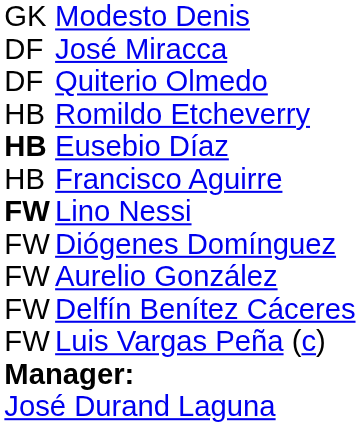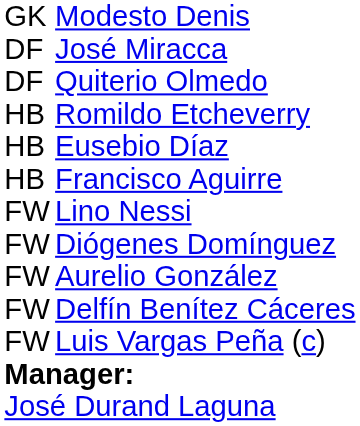 <table style="font-size: 90%" cellspacing="0" cellpadding="0" align=center>
 <tr>
 <th width="25"></th>
 </tr>
 <tr>
 <td>GK</td>
 <td><a href='#'>Modesto Denis</a></td>
 </tr>
 <tr>
 <td>DF</td>
 <td><a href='#'>José Miracca</a></td>
 </tr>
 <tr>
 <td>DF</td>
 <td><a href='#'>Quiterio Olmedo</a></td>
 </tr>
 <tr>
 <td>HB</td>
 <td><a href='#'>Romildo Etcheverry</a></td>
 </tr>
 <tr>
-<td><strong>HB</strong></td>
+<td>HB</td>
 <td><a href='#'>Eusebio Díaz</a></td>
 </tr>
 <tr>
 <td>HB</td>
 <td><a href='#'>Francisco Aguirre</a></td>
 </tr>
 <tr>
-<td><strong>FW</strong></td>
+<td>FW</td>
 <td><a href='#'>Lino Nessi</a></td>
 </tr>
 <tr>
 <td>FW</td>
 <td><a href='#'>Diógenes Domínguez</a></td>
 </tr>
 <tr>
 <td>FW</td>
 <td><a href='#'>Aurelio González</a></td>
 </tr>
 <tr>
 <td>FW</td>
 <td><a href='#'>Delfín Benítez Cáceres</a></td>
 </tr>
 <tr>
 <td>FW</td>
 <td><a href='#'>Luis Vargas Peña</a> (<a href='#'>c</a>)</td>
 </tr>
 <tr>
 <td colspan=3><strong>Manager:</strong></td>
 </tr>
 <tr>
 <td colspan=4> <a href='#'>José Durand Laguna</a></td>
 </tr>
 </table>
